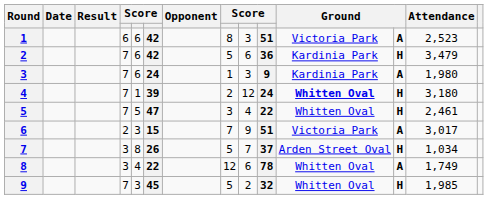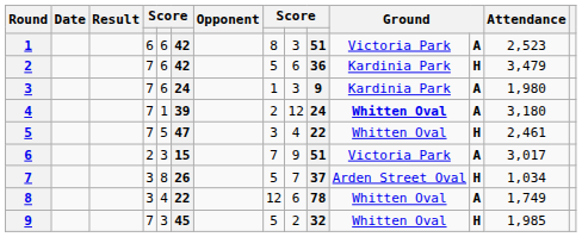 <table class="wikitable plainrowheaders sortable" style="font-size:90%; text-align:center;">
 <tr>
 <th scope="col" rowspan="2">Round</th>
 <th scope="col" rowspan="2">Date</th>
 <th scope="col" rowspan="2">Result</th>
 <th scope="col" colspan="3">Score</th>
 <th scope="col" rowspan="2">Opponent</th>
 <th scope="col" colspan="3">Score</th>
 <th scope="col" rowspan="2" colspan="2">Ground</th>
 <th scope="col" rowspan="2">Attendance</th>
 <th scope="col" rowspan="2"></th>
 </tr>
 <tr>
 <th scope="col"></th>
 <th scope="col"></th>
 <th scope="col"></th>
 <th scope="col"></th>
 <th scope="col"></th>
 <th scope="col"></th>
 </tr>
 <tr>
 <th scope="row" style="text-align:center;"><a href='#'>1</a></th>
 <td></td>
 <td></td>
 <td>6</td>
 <td>6</td>
 <th>42</th>
 <td></td>
 <td>8</td>
 <td>3</td>
 <th>51</th>
 <td><a href='#'>Victoria Park</a></td>
 <td><strong>A</strong></td>
 <td>2,523</td>
 <td></td>
 </tr>
 <tr>
 <th scope="row" style="text-align:center;"><a href='#'>2</a></th>
 <td></td>
 <td></td>
 <td>7</td>
 <td>6</td>
 <th>42</th>
 <td></td>
 <td>5</td>
 <td>6</td>
 <th>36</th>
 <td><a href='#'>Kardinia Park</a></td>
 <td><strong>H</strong></td>
 <td>3,479</td>
 <td></td>
 </tr>
 <tr>
 <th scope="row" style="text-align:center;"><a href='#'>3</a></th>
 <td></td>
 <td></td>
 <td>7</td>
 <td>6</td>
 <th>24</th>
 <td></td>
 <td>1</td>
 <td>3</td>
 <th>9</th>
 <td><a href='#'>Kardinia Park</a></td>
 <td><strong>A</strong></td>
 <td>1,980</td>
 <td></td>
 </tr>
 <tr>
 <th scope="row" style="text-align:center;"><a href='#'>4</a></th>
 <td></td>
 <td></td>
 <td>7</td>
 <td>1</td>
 <th>39</th>
 <td></td>
 <td>2</td>
 <td>12</td>
 <th>24</th>
 <td><strong><a href='#'>Whitten Oval</a></strong></td>
-<td><strong>H</strong></td>
+<td><strong>A</strong></td>
 <td>3,180</td>
 <td></td>
 </tr>
 <tr>
 <th scope="row" style="text-align:center;"><a href='#'>5</a></th>
 <td></td>
 <td></td>
 <td>7</td>
 <td>5</td>
 <th>47</th>
 <td></td>
 <td>3</td>
 <td>4</td>
 <th>22</th>
 <td><a href='#'>Whitten Oval</a></td>
 <td><strong>H</strong></td>
 <td>2,461</td>
 <td></td>
 </tr>
 <tr>
 <th scope="row" style="text-align:center;"><a href='#'>6</a></th>
 <td></td>
 <td></td>
 <td>2</td>
 <td>3</td>
 <th>15</th>
 <td></td>
 <td>7</td>
 <td>9</td>
 <th>51</th>
 <td><a href='#'>Victoria Park</a></td>
 <td><strong>A</strong></td>
 <td>3,017</td>
 <td></td>
 </tr>
 <tr>
 <th scope="row" style="text-align:center;"><a href='#'>7</a></th>
 <td></td>
 <td></td>
 <td>3</td>
 <td>8</td>
 <th>26</th>
 <td></td>
 <td>5</td>
 <td>7</td>
 <th>37</th>
 <td><a href='#'>Arden Street Oval</a></td>
 <td><strong>H</strong></td>
 <td>1,034</td>
 <td></td>
 </tr>
 <tr>
 <th scope="row" style="text-align:center;"><a href='#'>8</a></th>
 <td></td>
 <td></td>
 <td>3</td>
 <td>4</td>
 <th>22</th>
 <td></td>
 <td>12</td>
 <td>6</td>
 <th>78</th>
 <td><a href='#'>Whitten Oval</a></td>
 <td><strong>A</strong></td>
 <td>1,749</td>
 <td></td>
 </tr>
 <tr>
 <th scope="row" style="text-align:center;"><a href='#'>9</a></th>
 <td></td>
 <td></td>
 <td>7</td>
 <td>3</td>
 <th>45</th>
 <td></td>
 <td>5</td>
 <td>2</td>
 <th>32</th>
 <td><a href='#'>Whitten Oval</a></td>
 <td><strong>H</strong></td>
 <td>1,985</td>
 <td></td>
 </tr>
 </table>
